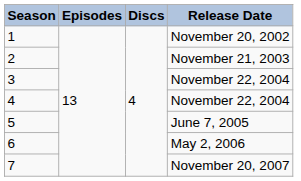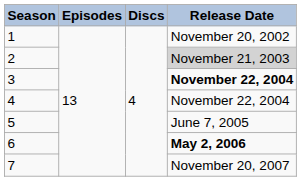 <table class="wikitable" style="font-size:95%">
 <tr style="text-align:center;">
 <th style="background:#B0C4DE;">Season</th>
 <th style="background:#B0C4DE;">Episodes</th>
 <th style="background:#B0C4DE;">Discs</th>
 <th style="background:#B0C4DE;">Release Date</th>
 </tr>
 <tr>
 <td>1</td>
 <td rowspan="7">13</td>
 <td rowspan="7">4</td>
 <td>November 20, 2002</td>
 </tr>
 <tr>
 <td>2</td>
-<td>November 21, 2003</td>
+<td style="background: lightgrey;">November 21, 2003</td>
 </tr>
 <tr>
 <td>3</td>
-<td>November 22, 2004</td>
+<td><strong>November 22, 2004</strong></td>
 </tr>
 <tr>
 <td>4</td>
 <td>November 22, 2004</td>
 </tr>
 <tr>
 <td>5</td>
 <td>June 7, 2005</td>
 </tr>
 <tr>
 <td>6</td>
-<td>May 2, 2006</td>
+<td><strong>May 2, 2006</strong></td>
 </tr>
 <tr>
 <td>7</td>
 <td>November 20, 2007</td>
 </tr>
 </table>
